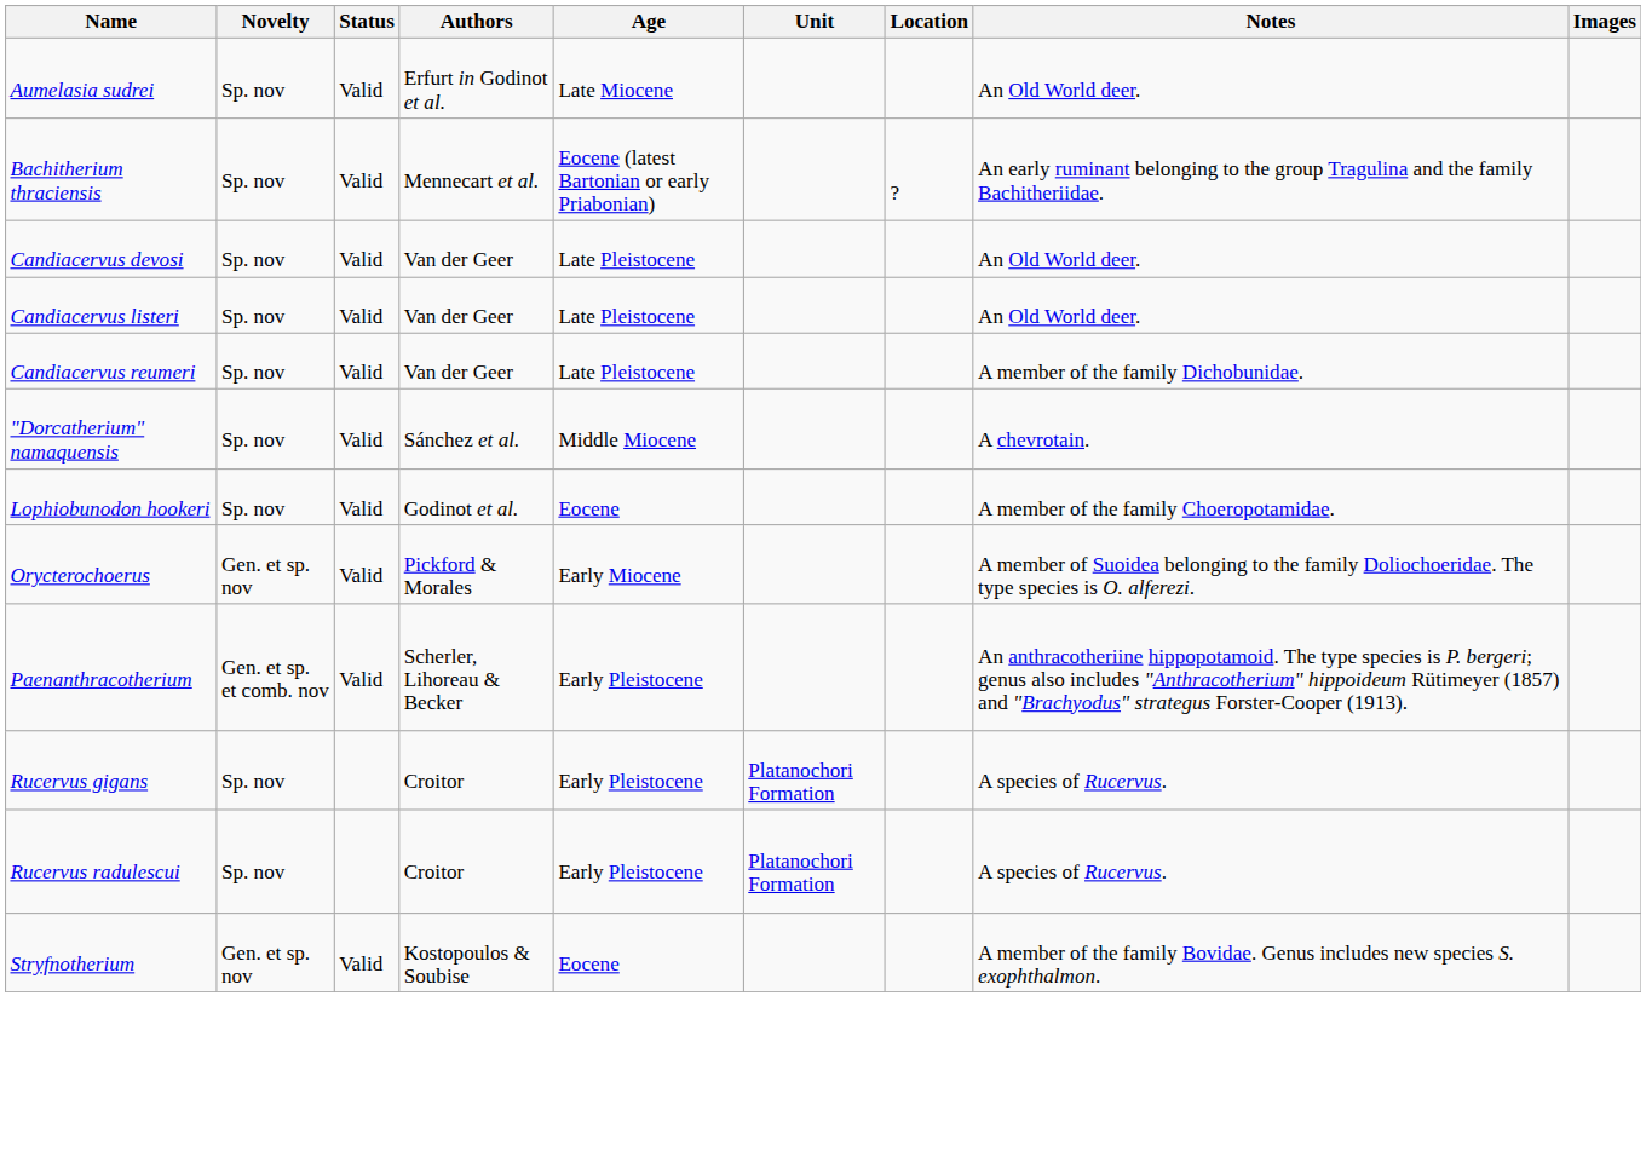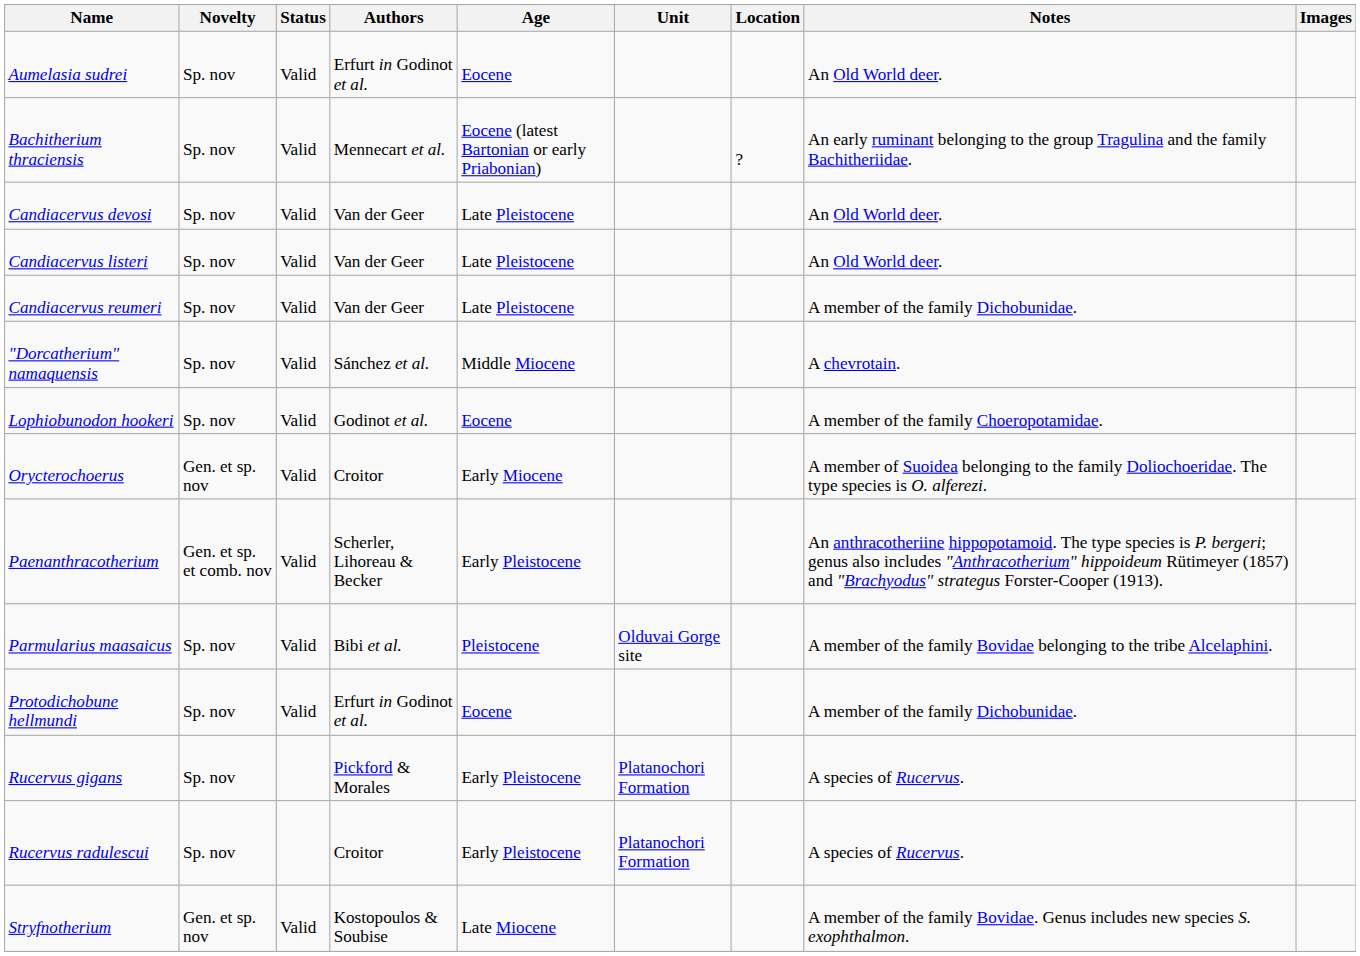 <table class="wikitable sortable" align="center" width="100%">
 <tr>
 <th>Name</th>
 <th>Novelty</th>
 <th>Status</th>
 <th>Authors</th>
 <th>Age</th>
 <th>Unit</th>
 <th>Location</th>
 <th>Notes</th>
 <th>Images</th>
 </tr>
 <tr>
 <td><br><em><a href='#'>Aumelasia sudrei</a></em></td>
 <td><br>Sp. nov</td>
 <td><br>Valid</td>
 <td><br>Erfurt <em>in</em> Godinot <em>et al.</em></td>
-<td><br>Late <a href='#'>Miocene</a></td>
+<td><br><a href='#'>Eocene</a></td>
 <td></td>
 <td><br></td>
 <td><br>An <a href='#'>Old World deer</a>.</td>
 <td></td>
 </tr>
 <tr>
 <td><br><em><a href='#'>Bachitherium thraciensis</a></em></td>
 <td><br>Sp. nov</td>
 <td><br>Valid</td>
 <td><br>Mennecart <em>et al.</em></td>
 <td><br><a href='#'>Eocene</a> (latest <a href='#'>Bartonian</a> or early <a href='#'>Priabonian</a>)</td>
 <td></td>
 <td><br><br> ?</td>
 <td><br>An early <a href='#'>ruminant</a> belonging to the group <a href='#'>Tragulina</a> and the family <a href='#'>Bachitheriidae</a>.</td>
 <td></td>
 </tr>
 <tr>
 <td><br><em><a href='#'>Candiacervus devosi</a></em></td>
 <td><br>Sp. nov</td>
 <td><br>Valid</td>
 <td><br>Van der Geer</td>
 <td><br>Late <a href='#'>Pleistocene</a></td>
 <td></td>
 <td><br></td>
 <td><br>An <a href='#'>Old World deer</a>.</td>
 <td></td>
 </tr>
 <tr>
 <td><br><em><a href='#'>Candiacervus listeri</a></em></td>
 <td><br>Sp. nov</td>
 <td><br>Valid</td>
 <td><br>Van der Geer</td>
 <td><br>Late <a href='#'>Pleistocene</a></td>
 <td></td>
 <td><br></td>
 <td><br>An <a href='#'>Old World deer</a>.</td>
 <td></td>
 </tr>
 <tr>
 <td><br><em><a href='#'>Candiacervus reumeri</a></em></td>
 <td><br>Sp. nov</td>
 <td><br>Valid</td>
 <td><br>Van der Geer</td>
 <td><br>Late <a href='#'>Pleistocene</a></td>
 <td></td>
 <td><br></td>
 <td><br>A member of the family <a href='#'>Dichobunidae</a>.</td>
 <td></td>
 </tr>
 <tr>
 <td><br><em><a href='#'>"Dorcatherium" namaquensis</a></em></td>
 <td><br>Sp. nov</td>
 <td><br>Valid</td>
 <td><br>Sánchez <em>et al.</em></td>
 <td><br>Middle <a href='#'>Miocene</a></td>
 <td></td>
 <td><br></td>
 <td><br>A <a href='#'>chevrotain</a>.</td>
 <td></td>
 </tr>
 <tr>
 <td><br><em><a href='#'>Lophiobunodon hookeri</a></em></td>
 <td><br>Sp. nov</td>
 <td><br>Valid</td>
 <td><br>Godinot <em>et al.</em></td>
 <td><br><a href='#'>Eocene</a></td>
 <td></td>
 <td><br></td>
 <td><br>A member of the family <a href='#'>Choeropotamidae</a>.</td>
 <td></td>
 </tr>
 <tr>
 <td><br><em><a href='#'>Orycterochoerus</a></em></td>
 <td><br>Gen. et sp. nov</td>
 <td><br>Valid</td>
-<td><br><a href='#'>Pickford</a> & Morales</td>
+<td><br>Croitor</td>
 <td><br>Early <a href='#'>Miocene</a></td>
 <td></td>
 <td><br></td>
 <td><br>A member of <a href='#'>Suoidea</a> belonging to the family <a href='#'>Doliochoeridae</a>. The type species is <em>O. alferezi</em>.</td>
 <td></td>
 </tr>
 <tr>
 <td><br><em><a href='#'>Paenanthracotherium</a></em></td>
 <td><br>Gen. et sp. et comb. nov</td>
 <td><br>Valid</td>
 <td><br>Scherler, Lihoreau & Becker</td>
 <td><br>Early <a href='#'>Pleistocene</a></td>
 <td></td>
 <td><br><br> <br> <br> <br> </td>
 <td><br>An <a href='#'>anthracotheriine</a> <a href='#'>hippopotamoid</a>. The type species is <em>P. bergeri</em>; genus also includes <em>"<a href='#'>Anthracotherium</a>" hippoideum</em> Rütimeyer (1857) and <em>"<a href='#'>Brachyodus</a>" strategus</em> Forster-Cooper (1913).</td>
 <td></td>
 </tr>
 <tr>
+<td><br><em><a href='#'>Parmularius maasaicus</a></em></td>
+<td><br>Sp. nov</td>
+<td><br>Valid</td>
+<td><br>Bibi <em>et al.</em></td>
+<td><br><a href='#'>Pleistocene</a></td>
+<td><br><a href='#'>Olduvai Gorge</a> site</td>
+<td><br></td>
+<td><br>A member of the family <a href='#'>Bovidae</a> belonging to the tribe <a href='#'>Alcelaphini</a>.</td>
+<td></td>
+</tr>
+<tr>
+<td><br><em><a href='#'>Protodichobune hellmundi</a></em></td>
+<td><br>Sp. nov</td>
+<td><br>Valid</td>
+<td><br>Erfurt <em>in</em> Godinot <em>et al.</em></td>
+<td><br><a href='#'>Eocene</a></td>
+<td></td>
+<td><br></td>
+<td><br>A member of the family <a href='#'>Dichobunidae</a>.</td>
+<td></td>
+</tr>
+<tr>
 <td><br><em><a href='#'>Rucervus gigans</a></em></td>
 <td><br>Sp. nov</td>
 <td></td>
-<td><br>Croitor</td>
+<td><br><a href='#'>Pickford</a> & Morales</td>
 <td><br>Early <a href='#'>Pleistocene</a></td>
 <td><br><a href='#'>Platanochori Formation</a></td>
 <td><br></td>
 <td><br>A species of <em><a href='#'>Rucervus</a></em>.</td>
 <td></td>
 </tr>
 <tr>
 <td><br><em><a href='#'>Rucervus radulescui</a></em></td>
 <td><br>Sp. nov</td>
 <td></td>
 <td><br>Croitor</td>
 <td><br>Early <a href='#'>Pleistocene</a></td>
 <td><br><a href='#'>Platanochori Formation</a></td>
 <td><br><br> <br> <br> </td>
 <td><br>A species of <em><a href='#'>Rucervus</a></em>.</td>
 <td></td>
 </tr>
 <tr>
 <td><br><em><a href='#'>Stryfnotherium</a></em></td>
 <td><br>Gen. et sp. nov</td>
 <td><br>Valid</td>
 <td><br>Kostopoulos & Soubise</td>
-<td><br><a href='#'>Eocene</a></td>
+<td><br>Late <a href='#'>Miocene</a></td>
 <td></td>
 <td><br></td>
 <td><br>A member of the family <a href='#'>Bovidae</a>. Genus includes new species <em>S. exophthalmon</em>.</td>
 <td></td>
 </tr>
 <tr>
 </tr>
 </table>
